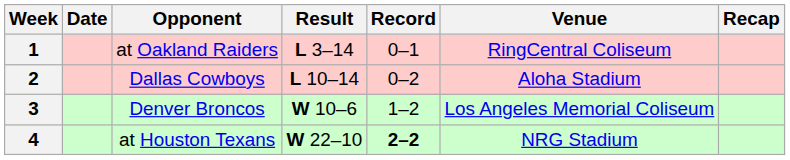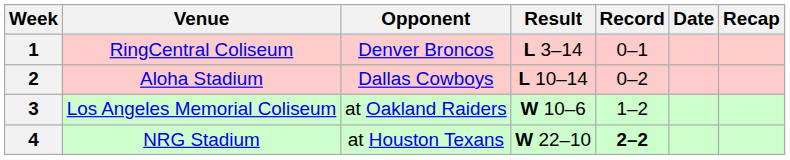 <table class="wikitable" style="text-align:center">
 <tr>
 <th>Week</th>
-<th>Date</th>
+<th>Venue</th>
 <th>Opponent</th>
 <th>Result</th>
 <th>Record</th>
-<th>Venue</th>
+<th>Date</th>
 <th>Recap</th>
 </tr>
 <tr style="background:#fcc">
 <th>1</th>
-<td></td>
-<td>at <a href='#'>Oakland Raiders</a></td>
+<td><a href='#'>RingCentral Coliseum</a></td>
+<td><a href='#'>Denver Broncos</a></td>
 <td><strong>L</strong> 3–14</td>
 <td>0–1</td>
-<td><a href='#'>RingCentral Coliseum</a></td>
+<td></td>
 <td></td>
 </tr>
 <tr style="background:#fcc">
 <th>2</th>
-<td></td>
+<td><a href='#'>Aloha Stadium</a> </td>
 <td><a href='#'>Dallas Cowboys</a></td>
 <td><strong>L</strong> 10–14</td>
 <td>0–2</td>
-<td><a href='#'>Aloha Stadium</a> </td>
+<td></td>
 <td></td>
 </tr>
 <tr style="background:#cfc">
 <th>3</th>
-<td></td>
-<td><a href='#'>Denver Broncos</a></td>
+<td><a href='#'>Los Angeles Memorial Coliseum</a></td>
+<td>at <a href='#'>Oakland Raiders</a></td>
 <td><strong>W</strong> 10–6</td>
 <td>1–2</td>
-<td><a href='#'>Los Angeles Memorial Coliseum</a></td>
+<td></td>
 <td></td>
 </tr>
 <tr style="background:#cfc">
 <th>4</th>
-<td></td>
+<td><a href='#'>NRG Stadium</a></td>
 <td>at <a href='#'>Houston Texans</a></td>
 <td><strong>W</strong> 22–10</td>
 <td><strong>2–2</strong></td>
-<td><a href='#'>NRG Stadium</a></td>
+<td></td>
 <td></td>
 </tr>
 </table>
